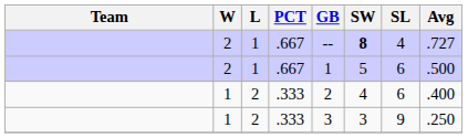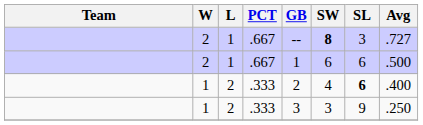 <table class=wikitable style="text-align:center;">
 <tr>
 <th width=200px>Team</th>
 <th width=20px>W</th>
 <th width=20px>L</th>
 <th width=35px><a href='#'>PCT</a></th>
 <th width=25px><a href='#'>GB</a></th>
 <th width=30px>SW</th>
 <th width=30px>SL</th>
 <th width=35px>Avg</th>
 </tr>
 <tr bgcolor="#CCCCFF">
 <td align=left></td>
 <td>2</td>
 <td>1</td>
 <td>.667</td>
 <td>--</td>
 <td><strong>8</strong></td>
-<td>4</td>
+<td>3</td>
 <td>.727</td>
 </tr>
 <tr bgcolor="#CCCCFF">
 <td align=left></td>
 <td>2</td>
 <td>1</td>
 <td>.667</td>
 <td>1</td>
-<td>5</td>
+<td>6</td>
 <td>6</td>
 <td>.500</td>
 </tr>
 <tr>
 <td align=left></td>
 <td>1</td>
 <td>2</td>
 <td>.333</td>
 <td>2</td>
 <td>4</td>
-<td>6</td>
+<td><strong>6</strong></td>
 <td>.400</td>
 </tr>
 <tr>
 <td align=left></td>
 <td>1</td>
 <td>2</td>
 <td>.333</td>
 <td>3</td>
 <td>3</td>
 <td>9</td>
 <td>.250</td>
 </tr>
 <tr>
 </tr>
 </table>
